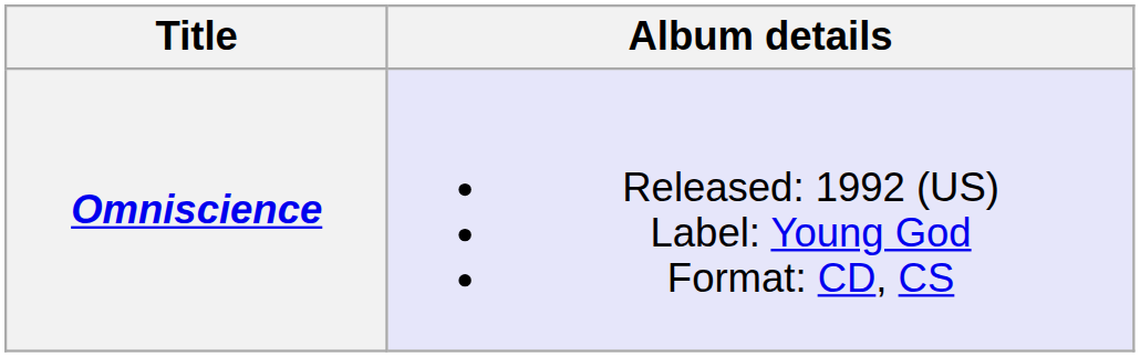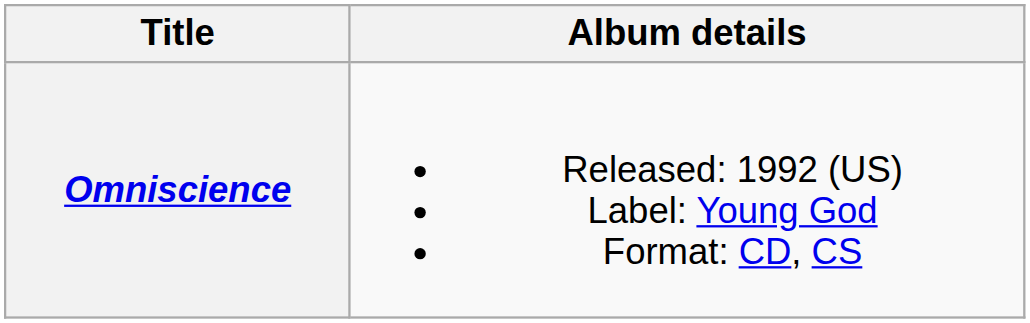 <table class="wikitable plainrowheaders" style="text-align:center;">
 <tr>
 <th scope="col" rowspan="1" style="width:9em;">Title</th>
 <th scope="col" rowspan="1" style="width:18em;">Album details</th>
 </tr>
 <tr>
 <th scope="row"><em><a href='#'>Omniscience</a></em></th>
-<td style="background: lavender;"><br><ul><li>Released: 1992 <span>(US)</span></li><li>Label: <a href='#'>Young God</a></li><li>Format: <a href='#'>CD</a>, <a href='#'>CS</a></li></ul></td>
+<td><br><ul><li>Released: 1992 <span>(US)</span></li><li>Label: <a href='#'>Young God</a></li><li>Format: <a href='#'>CD</a>, <a href='#'>CS</a></li></ul></td>
 </tr>
 </table>
